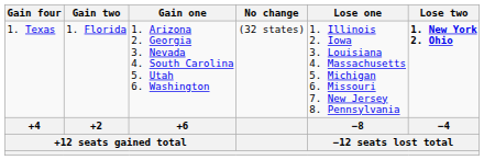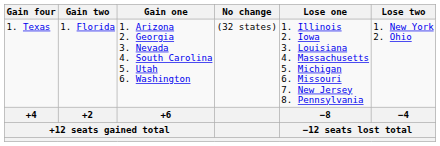 <table class="wikitable">
 <tr style="vertical-align:bottom;">
 <th>Gain four</th>
 <th colspan="1">Gain two</th>
 <th colspan="1">Gain one</th>
 <th>No change</th>
 <th colspan="1">Lose one</th>
 <th>Lose two</th>
 </tr>
 <tr style="vertical-align:top;">
 <td>1. <a href='#'>Texas</a></td>
 <td>1. <a href='#'>Florida</a></td>
 <td>1. <a href='#'>Arizona</a><br>2. <a href='#'>Georgia</a><br>3. <a href='#'>Nevada</a><br>4. <a href='#'>South Carolina</a><br>5. <a href='#'>Utah</a><br>6. <a href='#'>Washington</a></td>
 <td>(32 states)</td>
 <td>1. <a href='#'>Illinois</a><br>2. <a href='#'>Iowa</a><br>3. <a href='#'>Louisiana</a><br>4. <a href='#'>Massachusetts</a><br>5. <a href='#'>Michigan</a><br>6. <a href='#'>Missouri</a><br>7. <a href='#'>New Jersey</a><br>8. <a href='#'>Pennsylvania</a></td>
-<td><strong>1. <a href='#'>New York</a><br>2. <a href='#'>Ohio</a></strong></td>
+<td>1. <a href='#'>New York</a><br>2. <a href='#'>Ohio</a></td>
 </tr>
 <tr>
 <th>+4</th>
 <th>+2</th>
 <th>+6</th>
 <th></th>
 <th>−8</th>
 <th>−4</th>
 </tr>
 <tr>
 <th colspan="3">+12 seats gained total</th>
 <th></th>
 <th colspan="2">−12 seats lost total</th>
 </tr>
 <tr>
 <th colspan="6"></th>
 </tr>
 </table>
